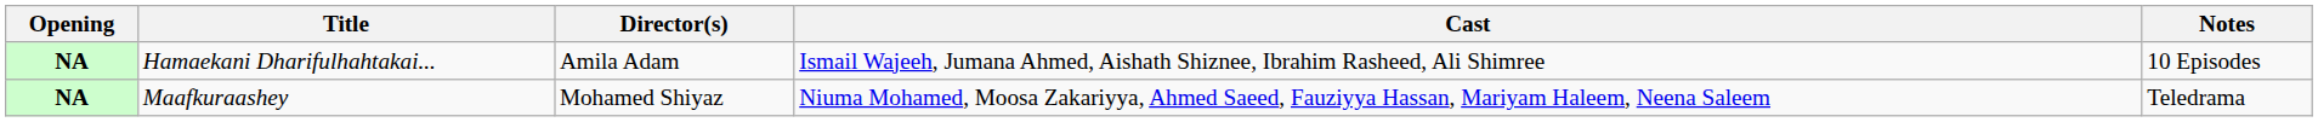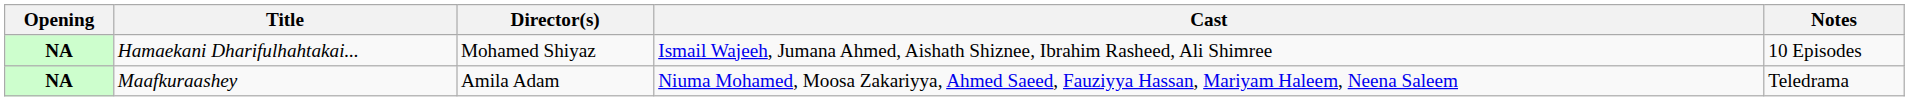 <table class="wikitable plainrowheaders" width="100%">
 <tr>
 <th scope="col" colspan="2">Opening</th>
 <th scope="col">Title</th>
 <th scope="col">Director(s)</th>
 <th scope="col">Cast</th>
 <th scope="col">Notes</th>
 </tr>
 <tr>
 <td colspan="2" style="text-align:center; textcolor:#000; background:#cdfecd;"><strong>NA</strong></td>
 <td><em>Hamaekani Dharifulhahtakai...</em></td>
-<td>Amila Adam</td>
+<td>Mohamed Shiyaz</td>
 <td><a href='#'>Ismail Wajeeh</a>, Jumana Ahmed, Aishath Shiznee, Ibrahim Rasheed, Ali Shimree</td>
 <td>10 Episodes</td>
 </tr>
 <tr>
 <td colspan="2" style="text-align:center; textcolor:#000; background:#cdfecd;"><strong>NA</strong></td>
 <td><em>Maafkuraashey</em></td>
-<td>Mohamed Shiyaz</td>
+<td>Amila Adam</td>
 <td><a href='#'>Niuma Mohamed</a>, Moosa Zakariyya, <a href='#'>Ahmed Saeed</a>, <a href='#'>Fauziyya Hassan</a>, <a href='#'>Mariyam Haleem</a>, <a href='#'>Neena Saleem</a></td>
 <td>Teledrama</td>
 </tr>
 </table>
